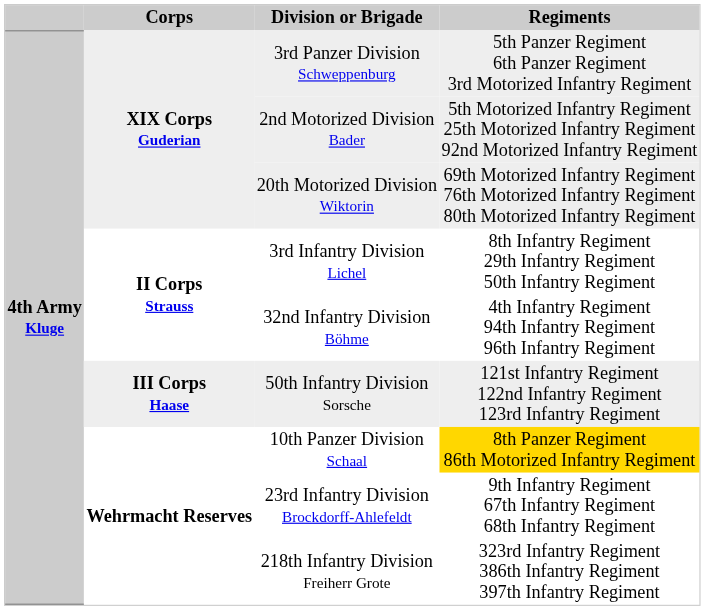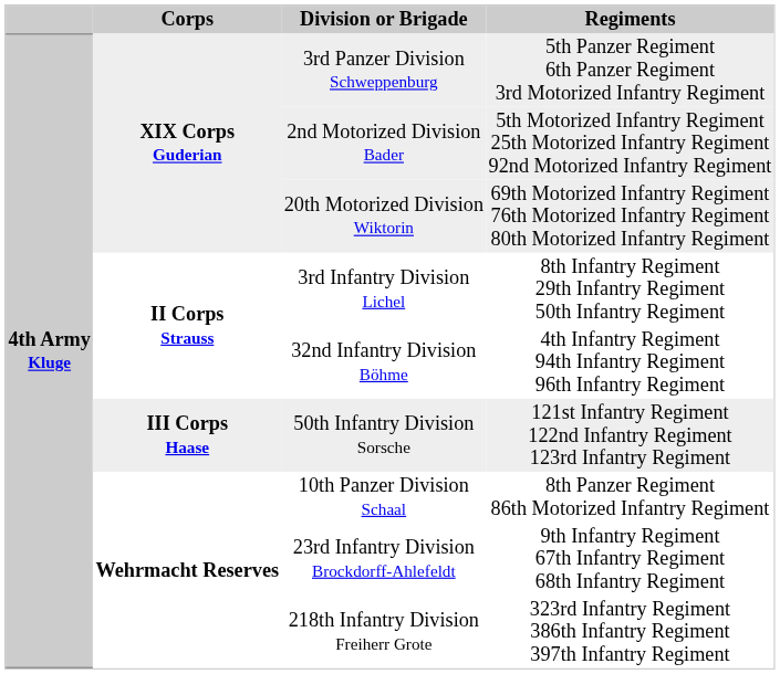 <table border="0" cellspacing="0" cellpadding="2" style="text-align:center;border:1px solid #ccc;">
 <tr>
 <th ROWSPAN=1 style="background:#ccc;"></th>
 <td style="background:#ccc;"><strong>Corps</strong></td>
 <td style="background:#ccc;"><strong>Division or Brigade</strong></td>
 <td style="background:#ccc;"><strong>Regiments</strong></td>
 </tr>
 <tr style="background:#eee;">
 <th ROWSPAN=10 style="background:#ccc; border-top:1px solid gray; border-bottom:1px solid gray;">4th Army <br><small><a href='#'>Kluge</a></small></th>
 <th ROWSPAN=3>XIX Corps <br><small><a href='#'>Guderian</a></small></th>
 <td>3rd Panzer Division <br><small><a href='#'>Schweppenburg</a></small></td>
 <td>5th Panzer Regiment <br> 6th Panzer Regiment <br> 3rd Motorized Infantry Regiment</td>
 </tr>
 <tr style="background:#eee;">
 <td>2nd Motorized Division <br><small><a href='#'>Bader</a></small></td>
 <td>5th Motorized Infantry Regiment <br> 25th Motorized Infantry Regiment <br> 92nd Motorized Infantry Regiment</td>
 </tr>
 <tr style="background:#eee;">
 <td>20th Motorized Division <br><small><a href='#'>Wiktorin</a></small></td>
 <td>69th Motorized Infantry Regiment <br> 76th Motorized Infantry Regiment <br> 80th Motorized Infantry Regiment</td>
 </tr>
 <tr>
 <th ROWSPAN=2>II Corps <br><small><a href='#'>Strauss</a></small></th>
 <td>3rd Infantry Division <br><small><a href='#'>Lichel</a></small></td>
 <td>8th Infantry Regiment <br> 29th Infantry Regiment <br> 50th Infantry Regiment</td>
 </tr>
 <tr>
 <td>32nd Infantry Division <br><small><a href='#'>Böhme</a></small></td>
 <td>4th Infantry Regiment <br> 94th Infantry Regiment <br> 96th Infantry Regiment</td>
 </tr>
 <tr style="background:#eee;">
 <th ROWSPAN=1>III Corps <br><small><a href='#'>Haase</a></small></th>
 <td>50th Infantry Division <br><small>Sorsche</small></td>
 <td>121st Infantry Regiment <br> 122nd Infantry Regiment <br> 123rd Infantry Regiment</td>
 </tr>
 <tr>
 <th ROWSPAN=3>Wehrmacht Reserves</th>
 <td>10th Panzer Division <br><small><a href='#'>Schaal</a></small></td>
-<td style="background: gold;">8th Panzer Regiment <br> 86th Motorized Infantry Regiment</td>
+<td>8th Panzer Regiment <br> 86th Motorized Infantry Regiment</td>
 </tr>
 <tr>
 <td>23rd Infantry Division <br><small><a href='#'>Brockdorff-Ahlefeldt</a></small></td>
 <td>9th Infantry Regiment <br> 67th Infantry Regiment <br> 68th Infantry Regiment</td>
 </tr>
 <tr>
 <td>218th Infantry Division <br><small>Freiherr Grote</small></td>
 <td>323rd Infantry Regiment <br> 386th Infantry Regiment <br> 397th Infantry Regiment</td>
 </tr>
 </table>
